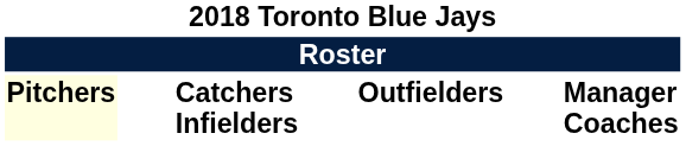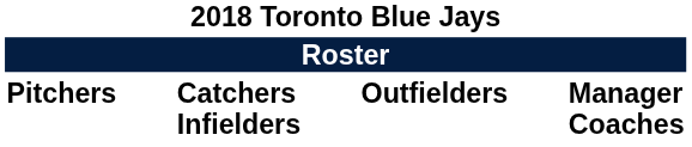 <table class="toccolours" style="font-size: 95%;">
 <tr http://upload.wikimedia.org/wikipedia/en/c/c8/Button_redirect.png>
 <th colspan="10">2018 Toronto Blue Jays</th>
 </tr>
 <tr>
 <td colspan="10" style="background:#041E42; color:white; text-align:center;"><strong>Roster</strong></td>
 </tr>
 <tr>
-<td valign="top" style="background: lightyellow;"><strong>Pitchers</strong><br>                                  </td>
+<td valign="top"><strong>Pitchers</strong><br>                                  </td>
 <td style="width:25px;"></td>
 <td valign="top"><strong>Catchers</strong><br>    <strong>Infielders</strong>             </td>
 <td style="width:25px;"></td>
 <td valign="top"><strong>Outfielders</strong><br>          </td>
 <td style="width:25px;"></td>
 <td valign="top"><strong>Manager</strong><br> <strong>Coaches</strong>                  </td>
 </tr>
 </table>
